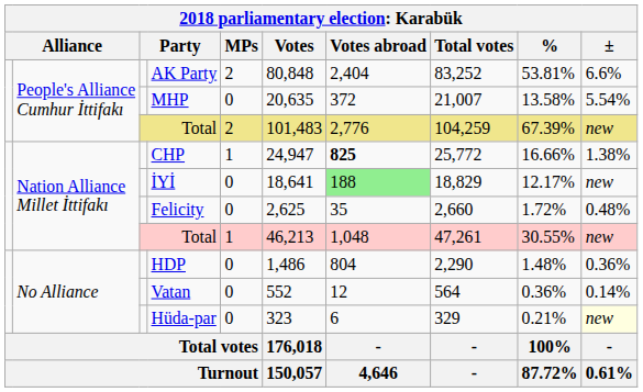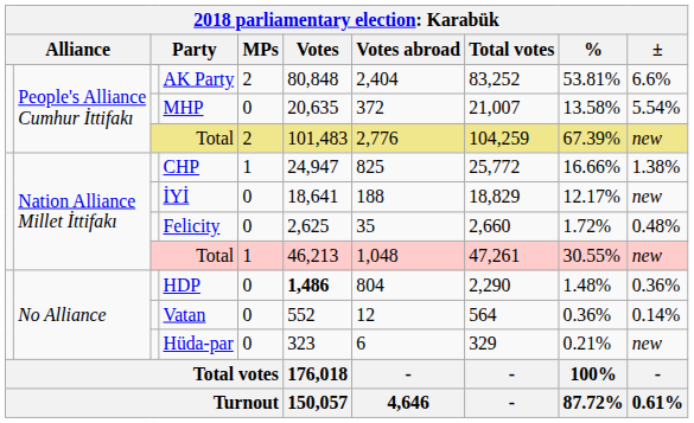 <table class="wikitable sortable">
 <tr>
 <th colspan="10"><a href='#'>2018 parliamentary election</a>: Karabük </th>
 </tr>
 <tr>
 <th colspan="2">Alliance</th>
 <th colspan="2">Party</th>
 <th>MPs</th>
 <th>Votes</th>
 <th>Votes abroad</th>
 <th>Total votes</th>
 <th>%</th>
 <th>±</th>
 </tr>
 <tr>
 <td rowspan=3 style="background:"></td>
 <td rowspan=3><a href='#'>People's Alliance</a><br><em>Cumhur İttifakı</em></td>
 <td style="background:"></td>
 <td><a href='#'>AK Party</a></td>
 <td>2</td>
 <td>80,848</td>
 <td>2,404</td>
 <td>83,252</td>
 <td>53.81%</td>
 <td>6.6%</td>
 </tr>
 <tr>
 <td style="background:"></td>
 <td><a href='#'>MHP</a></td>
 <td>0</td>
 <td>20,635</td>
 <td>372</td>
 <td>21,007</td>
 <td>13.58%</td>
 <td>5.54%</td>
 </tr>
 <tr style="background:#F0E68C;">
 <td colspan="2" style="text-align:right;">Total</td>
 <td>2</td>
 <td>101,483</td>
 <td>2,776</td>
 <td>104,259</td>
 <td>67.39%</td>
 <td><em>new</em></td>
 </tr>
 <tr>
 <td rowspan=4 style="background:"></td>
 <td rowspan=4><a href='#'>Nation Alliance</a><br><em>Millet İttifakı</em></td>
 <td style="background:"></td>
 <td><a href='#'>CHP</a></td>
 <td>1</td>
 <td>24,947</td>
-<td><strong>825</strong></td>
+<td>825</td>
 <td>25,772</td>
 <td>16.66%</td>
 <td>1.38%</td>
 </tr>
 <tr>
 <td style="background:"></td>
 <td><a href='#'>İYİ</a></td>
 <td>0</td>
 <td>18,641</td>
-<td style="background: lightgreen;">188</td>
+<td>188</td>
 <td>18,829</td>
 <td>12.17%</td>
 <td><em>new</em></td>
 </tr>
 <tr>
 <td style="background:"></td>
 <td><a href='#'>Felicity</a></td>
 <td>0</td>
 <td>2,625</td>
 <td>35</td>
 <td>2,660</td>
 <td>1.72%</td>
 <td>0.48%</td>
 </tr>
 <tr style="background:#FFCCCC;">
 <td colspan="2" style="text-align:right;">Total</td>
 <td>1</td>
 <td>46,213</td>
 <td>1,048</td>
 <td>47,261</td>
 <td>30.55%</td>
 <td><em>new</em></td>
 </tr>
 <tr>
 <td rowspan=3 style="background:"></td>
 <td rowspan=3><em>No Alliance</em></td>
 <td style="background:"></td>
 <td><a href='#'>HDP</a></td>
 <td>0</td>
-<td>1,486</td>
+<td><strong>1,486</strong></td>
 <td>804</td>
 <td>2,290</td>
 <td>1.48%</td>
 <td>0.36%</td>
 </tr>
 <tr>
 <td style="background:"></td>
 <td><a href='#'>Vatan</a></td>
 <td>0</td>
 <td>552</td>
 <td>12</td>
 <td>564</td>
 <td>0.36%</td>
 <td>0.14%</td>
 </tr>
 <tr>
 <td style="background:"></td>
 <td><a href='#'>Hüda-par</a></td>
 <td>0</td>
 <td>323</td>
 <td>6</td>
 <td>329</td>
 <td>0.21%</td>
-<td style="background: lightyellow;"><em>new</em></td>
+<td><em>new</em></td>
 </tr>
 <tr>
 <th colspan="5" style="text-align:right">Total votes</th>
 <th>176,018</th>
 <th>-</th>
 <th>-</th>
 <th>100%</th>
 <th>-</th>
 </tr>
 <tr>
 <th colspan="5" style="text-align:right">Turnout</th>
 <th>150,057</th>
 <th>4,646</th>
 <th>-</th>
 <th>87.72%</th>
 <th>0.61%</th>
 </tr>
 </table>
